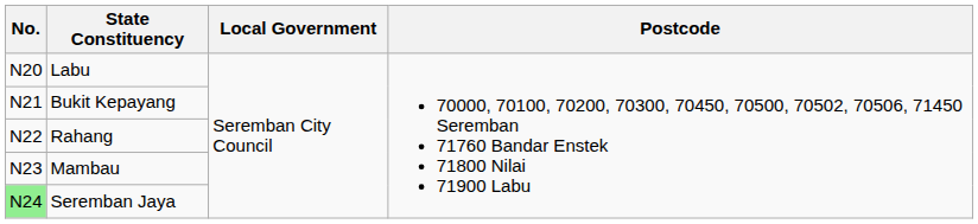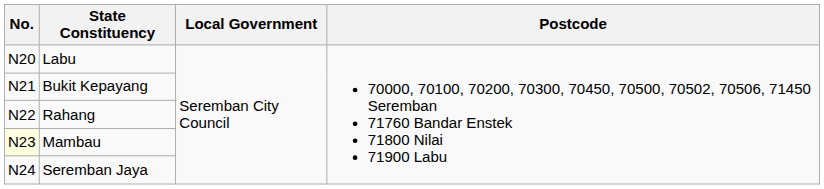 <table class="wikitable">
 <tr>
 <th>No.</th>
 <th>State Constituency</th>
 <th>Local Government</th>
 <th>Postcode</th>
 </tr>
 <tr>
 <td>N20</td>
 <td>Labu</td>
 <td rowspan="5">Seremban City Council</td>
 <td rowspan="5"><br><ul><li>70000, 70100, 70200, 70300, 70450, 70500, 70502, 70506, 71450 Seremban</li><li>71760 Bandar Enstek</li><li>71800 Nilai</li><li>71900 Labu</li></ul></td>
 </tr>
 <tr>
 <td>N21</td>
 <td>Bukit Kepayang</td>
 </tr>
 <tr>
 <td>N22</td>
 <td>Rahang</td>
 </tr>
 <tr>
-<td>N23</td>
+<td style="background: lightyellow;">N23</td>
 <td>Mambau</td>
 </tr>
 <tr>
-<td style="background: lightgreen;">N24</td>
+<td>N24</td>
 <td>Seremban Jaya</td>
 </tr>
 </table>
